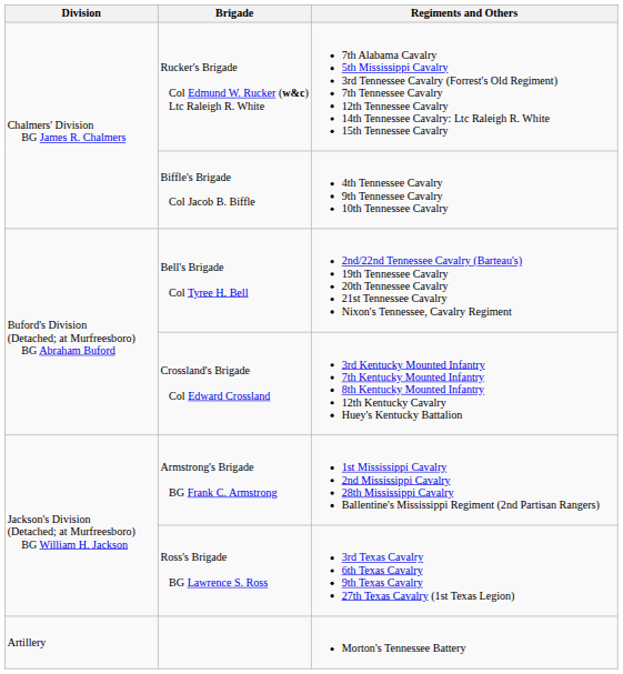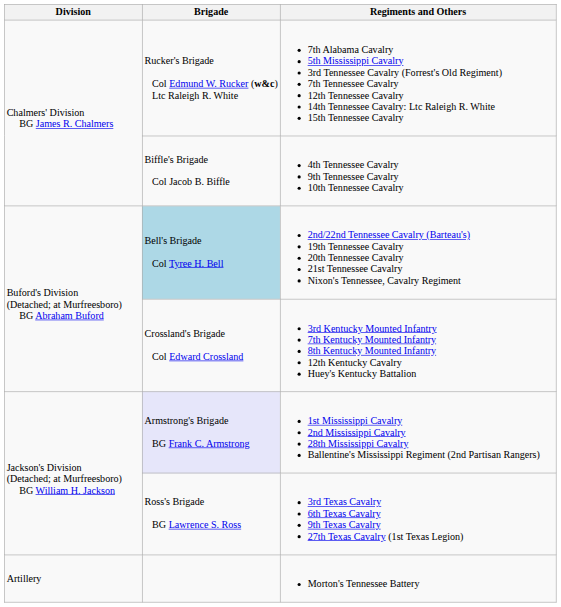 <table class="wikitable">
 <tr>
 <th width=25%>Division</th>
 <th width=25%>Brigade</th>
 <th>Regiments and Others</th>
 </tr>
 <tr>
 <td rowspan=2><br>Chalmers' Division <br>     BG <a href='#'>James R. Chalmers</a></td>
 <td>Rucker's Brigade<br><br>   Col <a href='#'>Edmund W. Rucker</a> (<strong>w&c</strong>) <br>   Ltc Raleigh R. White</td>
 <td><br><ul><li>7th Alabama Cavalry</li><li><a href='#'>5th Mississippi Cavalry</a></li><li>3rd Tennessee Cavalry (Forrest's Old Regiment)</li><li>7th Tennessee Cavalry</li><li>12th Tennessee Cavalry</li><li>14th Tennessee Cavalry: Ltc Raleigh R. White</li><li>15th Tennessee Cavalry</li></ul></td>
 </tr>
 <tr>
 <td>Biffle's Brigade<br><br>   Col Jacob B. Biffle</td>
 <td><br><ul><li>4th Tennessee Cavalry</li><li>9th Tennessee Cavalry</li><li>10th Tennessee Cavalry</li></ul></td>
 </tr>
 <tr>
 <td rowspan=2><br>Buford's Division<br>(Detached; at Murfreesboro) <br>     BG <a href='#'>Abraham Buford</a></td>
-<td>Bell's Brigade<br><br>   Col <a href='#'>Tyree H. Bell</a></td>
+<td style="background: lightblue;">Bell's Brigade<br><br>   Col <a href='#'>Tyree H. Bell</a></td>
 <td><br><ul><li><a href='#'>2nd/22nd Tennessee Cavalry (Barteau's)</a></li><li>19th Tennessee Cavalry</li><li>20th Tennessee Cavalry</li><li>21st Tennessee Cavalry</li><li>Nixon's Tennessee, Cavalry Regiment</li></ul></td>
 </tr>
 <tr>
 <td>Crossland's Brigade<br><br>   Col <a href='#'>Edward Crossland</a></td>
 <td><br><ul><li><a href='#'>3rd Kentucky Mounted Infantry</a></li><li><a href='#'>7th Kentucky Mounted Infantry</a></li><li><a href='#'>8th Kentucky Mounted Infantry</a></li><li>12th Kentucky Cavalry</li><li>Huey's Kentucky Battalion</li></ul></td>
 </tr>
 <tr>
 <td rowspan=2><br>Jackson's Division<br>(Detached; at Murfreesboro) <br>     BG <a href='#'>William H. Jackson</a></td>
-<td>Armstrong's Brigade<br><br>   BG <a href='#'>Frank C. Armstrong</a></td>
+<td style="background: lavender;">Armstrong's Brigade<br><br>   BG <a href='#'>Frank C. Armstrong</a></td>
 <td><br><ul><li><a href='#'>1st Mississippi Cavalry</a></li><li><a href='#'>2nd Mississippi Cavalry</a></li><li><a href='#'>28th Mississippi Cavalry</a></li><li>Ballentine's Mississippi Regiment (2nd Partisan Rangers)</li></ul></td>
 </tr>
 <tr>
 <td>Ross's Brigade<br><br>   BG <a href='#'>Lawrence S. Ross</a></td>
 <td><br><ul><li><a href='#'>3rd Texas Cavalry</a></li><li><a href='#'>6th Texas Cavalry</a></li><li><a href='#'>9th Texas Cavalry</a></li><li><a href='#'>27th Texas Cavalry</a> (1st Texas Legion)</li></ul></td>
 </tr>
 <tr>
 <td>Artillery</td>
 <td></td>
 <td><br><ul><li>Morton's Tennessee Battery</li></ul></td>
 </tr>
 </table>
